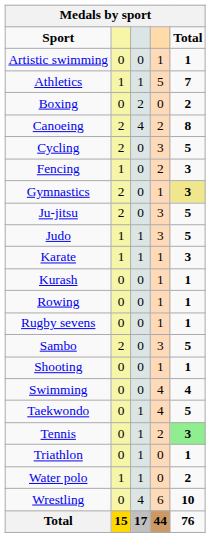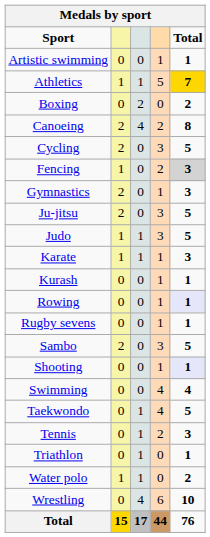 <table class=wikitable style="font-size:85%; float:right;text-align:center">
 <tr bgcolor=EFEFEF>
 <th colspan=7>Medals by sport</th>
 </tr>
 <tr>
 <td><strong>Sport</strong></td>
 <td bgcolor=F7F6A8></td>
 <td bgcolor=DCE5E5></td>
 <td bgcolor=FFDBA9></td>
 <td><strong>Total</strong></td>
 </tr>
 <tr>
 <td><a href='#'>Artistic swimming</a></td>
 <td bgcolor=F7F6A8>0</td>
 <td bgcolor=DCE5E5>0</td>
 <td bgcolor=FFDAB9>1</td>
 <td><strong>1</strong></td>
 </tr>
 <tr>
 <td><a href='#'>Athletics</a></td>
 <td bgcolor=F7F6A8>1</td>
 <td bgcolor=DCE5E5>1</td>
 <td bgcolor=FFDAB9>5</td>
-<td><strong>7</strong></td>
+<td style="background: gold;"><strong>7</strong></td>
 </tr>
 <tr>
 <td><a href='#'>Boxing</a></td>
 <td bgcolor=F7F6A8>0</td>
 <td bgcolor=DCE5E5>2</td>
 <td bgcolor=FFDAB9>0</td>
 <td><strong>2</strong></td>
 </tr>
 <tr>
 <td><a href='#'>Canoeing</a></td>
 <td bgcolor=F7F6A8>2</td>
 <td bgcolor=DCE5E5>4</td>
 <td bgcolor=FFDAB9>2</td>
 <td><strong>8</strong></td>
 </tr>
 <tr>
 <td><a href='#'>Cycling</a></td>
 <td bgcolor=F7F6A8>2</td>
 <td bgcolor=DCE5E5>0</td>
 <td bgcolor=FFDAB9>3</td>
 <td><strong>5</strong></td>
 </tr>
 <tr>
 <td><a href='#'>Fencing</a></td>
 <td bgcolor=F7F6A8>1</td>
 <td bgcolor=DCE5E5>0</td>
 <td bgcolor=FFDAB9>2</td>
-<td><strong>3</strong></td>
+<td style="background: lightgrey;"><strong>3</strong></td>
 </tr>
 <tr>
 <td><a href='#'>Gymnastics</a></td>
 <td bgcolor=F7F6A8>2</td>
 <td bgcolor=DCE5E5>0</td>
 <td bgcolor=FFDAB9>1</td>
-<td style="background: khaki;"><strong>3</strong></td>
+<td><strong>3</strong></td>
 </tr>
 <tr>
 <td><a href='#'>Ju-jitsu</a></td>
 <td bgcolor=F7F6A8>2</td>
 <td bgcolor=DCE5E5>0</td>
 <td bgcolor=FFDAB9>3</td>
 <td><strong>5</strong></td>
 </tr>
 <tr>
 <td><a href='#'>Judo</a></td>
 <td bgcolor=F7F6A8>1</td>
 <td bgcolor=DCE5E5>1</td>
 <td bgcolor=FFDAB9>3</td>
 <td><strong>5</strong></td>
 </tr>
 <tr>
 <td><a href='#'>Karate</a></td>
 <td bgcolor=F7F6A8>1</td>
 <td bgcolor=DCE5E5>1</td>
 <td bgcolor=FFDAB9>1</td>
 <td><strong>3</strong></td>
 </tr>
 <tr>
 <td><a href='#'>Kurash</a></td>
 <td bgcolor=F7F6A8>0</td>
 <td bgcolor=DCE5E5>0</td>
 <td bgcolor=FFDAB9>1</td>
 <td><strong>1</strong></td>
 </tr>
 <tr>
 <td><a href='#'>Rowing</a></td>
 <td bgcolor=F7F6A8>0</td>
 <td bgcolor=DCE5E5>0</td>
 <td bgcolor=FFDAB9>1</td>
-<td><strong>1</strong></td>
+<td style="background: lavender;"><strong>1</strong></td>
 </tr>
 <tr>
 <td><a href='#'>Rugby sevens</a></td>
 <td bgcolor=F7F6A8>0</td>
 <td bgcolor=DCE5E5>0</td>
 <td bgcolor=FFDAB9>1</td>
 <td><strong>1</strong></td>
 </tr>
 <tr>
 <td><a href='#'>Sambo</a></td>
 <td bgcolor=F7F6A8>2</td>
 <td bgcolor=DCE5E5>0</td>
 <td bgcolor=FFDAB9>3</td>
 <td><strong>5</strong></td>
 </tr>
 <tr>
 <td><a href='#'>Shooting</a></td>
 <td bgcolor=F7F6A8>0</td>
 <td bgcolor=DCE5E5>0</td>
 <td bgcolor=FFDAB9>1</td>
-<td><strong>1</strong></td>
+<td style="background: lavender;"><strong>1</strong></td>
 </tr>
 <tr>
 <td><a href='#'>Swimming</a></td>
 <td bgcolor=F7F6A8>0</td>
 <td bgcolor=DCE5E5>0</td>
 <td bgcolor=FFDAB9>4</td>
 <td><strong>4</strong></td>
 </tr>
 <tr>
 <td><a href='#'>Taekwondo</a></td>
 <td bgcolor=F7F6A8>0</td>
 <td bgcolor=DCE5E5>1</td>
 <td bgcolor=FFDAB9>4</td>
 <td><strong>5</strong></td>
 </tr>
 <tr>
 <td><a href='#'>Tennis</a></td>
 <td bgcolor=F7F6A8>0</td>
 <td bgcolor=DCE5E5>1</td>
 <td bgcolor=FFDAB9>2</td>
-<td style="background: lightgreen;"><strong>3</strong></td>
+<td><strong>3</strong></td>
 </tr>
 <tr>
 <td><a href='#'>Triathlon</a></td>
 <td bgcolor=F7F6A8>0</td>
 <td bgcolor=DCE5E5>1</td>
 <td bgcolor=FFDAB9>0</td>
 <td><strong>1</strong></td>
 </tr>
 <tr>
 <td><a href='#'>Water polo</a></td>
 <td bgcolor=F7F6A8>1</td>
 <td bgcolor=DCE5E5>1</td>
 <td bgcolor=FFDAB9>0</td>
 <td><strong>2</strong></td>
 </tr>
 <tr>
 <td><a href='#'>Wrestling</a></td>
 <td bgcolor=F7F6A8>0</td>
 <td bgcolor=DCE5E5>4</td>
 <td bgcolor=FFDAB9>6</td>
 <td><strong>10</strong></td>
 </tr>
 <tr>
 <th>Total</th>
 <td style="background:gold;"><strong>15</strong></td>
 <td style="background:silver;"><strong>17</strong></td>
 <td style="background:#c96;"><strong>44</strong></td>
 <td><strong>76</strong></td>
 </tr>
 </table>
